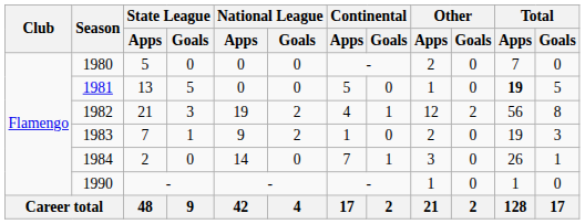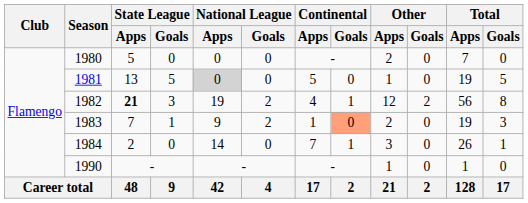 <table class="wikitable" style="text-align: center;">
 <tr>
 <th rowspan="2">Club</th>
 <th rowspan="2">Season</th>
 <th colspan="2">State League</th>
 <th colspan="2">National League</th>
 <th colspan="2">Continental</th>
 <th colspan="2">Other</th>
 <th colspan="2">Total</th>
 </tr>
 <tr>
 <th>Apps</th>
 <th>Goals</th>
 <th>Apps</th>
 <th>Goals</th>
 <th>Apps</th>
 <th>Goals</th>
 <th>Apps</th>
 <th>Goals</th>
 <th>Apps</th>
 <th>Goals</th>
 </tr>
 <tr>
 <td rowspan="6"><a href='#'>Flamengo</a></td>
 <td>1980</td>
 <td>5</td>
 <td>0</td>
 <td>0</td>
 <td>0</td>
 <td colspan="2">-</td>
 <td>2</td>
 <td>0</td>
 <td>7</td>
 <td>0</td>
 </tr>
 <tr>
 <td><a href='#'>1981</a></td>
 <td>13</td>
 <td>5</td>
-<td>0</td>
+<td style="background: lightgrey;">0</td>
 <td>0</td>
 <td>5</td>
 <td>0</td>
 <td>1</td>
 <td>0</td>
-<td><strong>19</strong></td>
+<td>19</td>
 <td>5</td>
 </tr>
 <tr>
 <td>1982</td>
-<td>21</td>
+<td><strong>21</strong></td>
 <td>3</td>
 <td>19</td>
 <td>2</td>
 <td>4</td>
 <td>1</td>
 <td>12</td>
 <td>2</td>
 <td>56</td>
 <td>8</td>
 </tr>
 <tr>
 <td>1983</td>
 <td>7</td>
 <td>1</td>
 <td>9</td>
 <td>2</td>
 <td>1</td>
-<td>0</td>
+<td style="background: lightsalmon;">0</td>
 <td>2</td>
 <td>0</td>
 <td>19</td>
 <td>3</td>
 </tr>
 <tr>
 <td>1984</td>
 <td>2</td>
 <td>0</td>
 <td>14</td>
 <td>0</td>
 <td>7</td>
 <td>1</td>
 <td>3</td>
 <td>0</td>
 <td>26</td>
 <td>1</td>
 </tr>
 <tr>
 <td>1990</td>
 <td colspan="2">-</td>
 <td colspan="2">-</td>
 <td colspan="2">-</td>
 <td>1</td>
 <td>0</td>
 <td>1</td>
 <td>0</td>
 </tr>
 <tr>
 <th colspan="2">Career total</th>
 <th>48</th>
 <th>9</th>
 <th>42</th>
 <th>4</th>
 <th>17</th>
 <th>2</th>
 <th>21</th>
 <th>2</th>
 <th>128</th>
 <th>17</th>
 </tr>
 </table>
